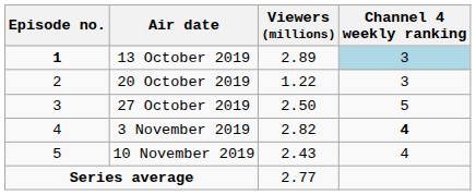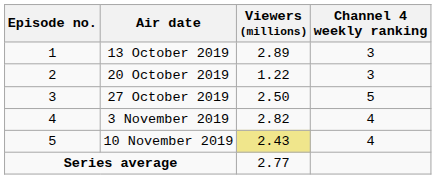 <table class="wikitable" style="text-align:center;">
 <tr>
 <th>Episode no.</th>
 <th>Air date</th>
 <th>Viewers<br><small>(millions)</small></th>
 <th>Channel 4<br>weekly ranking</th>
 </tr>
 <tr>
-<td><strong>1</strong></td>
+<td>1</td>
 <td>13 October 2019</td>
 <td>2.89</td>
-<td style="background: lightblue;">3</td>
+<td>3</td>
 </tr>
 <tr>
 <td>2</td>
 <td>20 October 2019</td>
 <td>1.22</td>
 <td>3</td>
 </tr>
 <tr>
 <td>3</td>
 <td>27 October 2019</td>
 <td>2.50</td>
 <td>5</td>
 </tr>
 <tr>
 <td>4</td>
 <td>3 November 2019</td>
 <td>2.82</td>
-<td><strong>4</strong></td>
+<td>4</td>
 </tr>
 <tr>
 <td>5</td>
 <td>10 November 2019</td>
-<td>2.43</td>
+<td style="background: khaki;">2.43</td>
 <td>4</td>
 </tr>
 <tr>
 <td colspan=2><strong>Series average</strong></td>
 <td>2.77</td>
 <td></td>
 </tr>
 </table>
